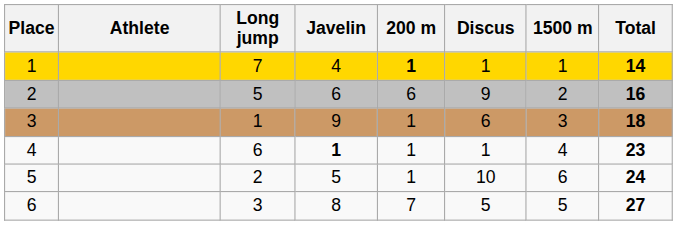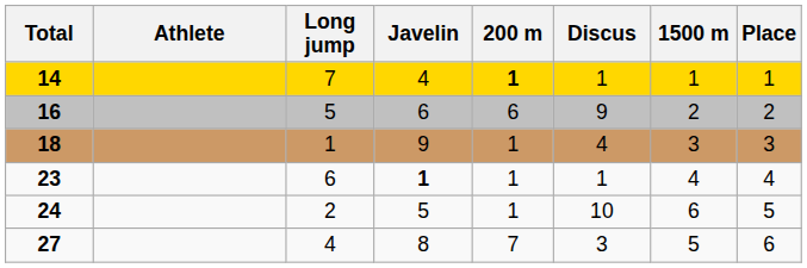 <table class=wikitable style="text-align:center">
 <tr>
-<th width=20>Place</th>
+<th width=80>Total</th>
 <th width=220>Athlete</th>
 <th width=80>Long jump</th>
 <th width=80>Javelin</th>
 <th width=80>200 m</th>
 <th width=80>Discus</th>
 <th width=80>1500 m</th>
-<th width=80>Total</th>
+<th width=20>Place</th>
 </tr>
 <tr bgcolor=gold>
-<td>1</td>
+<td><strong>14</strong></td>
 <td align=left></td>
 <td>7</td>
 <td>4</td>
 <td><strong>1</strong></td>
 <td>1</td>
 <td>1</td>
-<td><strong>14</strong></td>
+<td>1</td>
 </tr>
 <tr bgcolor=silver>
-<td>2</td>
+<td><strong>16</strong></td>
 <td align=left></td>
 <td>5</td>
 <td>6</td>
 <td>6</td>
 <td>9</td>
 <td>2</td>
-<td><strong>16</strong></td>
+<td>2</td>
 </tr>
 <tr bgcolor=cc9966>
-<td>3</td>
+<td><strong>18</strong></td>
 <td align=left></td>
 <td>1</td>
 <td>9</td>
 <td>1</td>
-<td>6</td>
+<td>4</td>
 <td>3</td>
-<td><strong>18</strong></td>
+<td>3</td>
 </tr>
 <tr>
-<td>4</td>
+<td><strong>23</strong></td>
 <td align=left></td>
 <td>6</td>
 <td><strong>1</strong></td>
 <td>1</td>
 <td>1</td>
 <td>4</td>
-<td><strong>23</strong></td>
+<td>4</td>
 </tr>
 <tr>
-<td>5</td>
+<td><strong>24</strong></td>
 <td align=left></td>
 <td>2</td>
 <td>5</td>
 <td>1</td>
 <td>10</td>
 <td>6</td>
-<td><strong>24</strong></td>
+<td>5</td>
 </tr>
 <tr>
-<td>6</td>
+<td><strong>27</strong></td>
 <td align=left></td>
-<td>3</td>
+<td>4</td>
 <td>8</td>
 <td>7</td>
+<td>3</td>
 <td>5</td>
-<td>5</td>
-<td><strong>27</strong></td>
+<td>6</td>
 </tr>
 </table>
